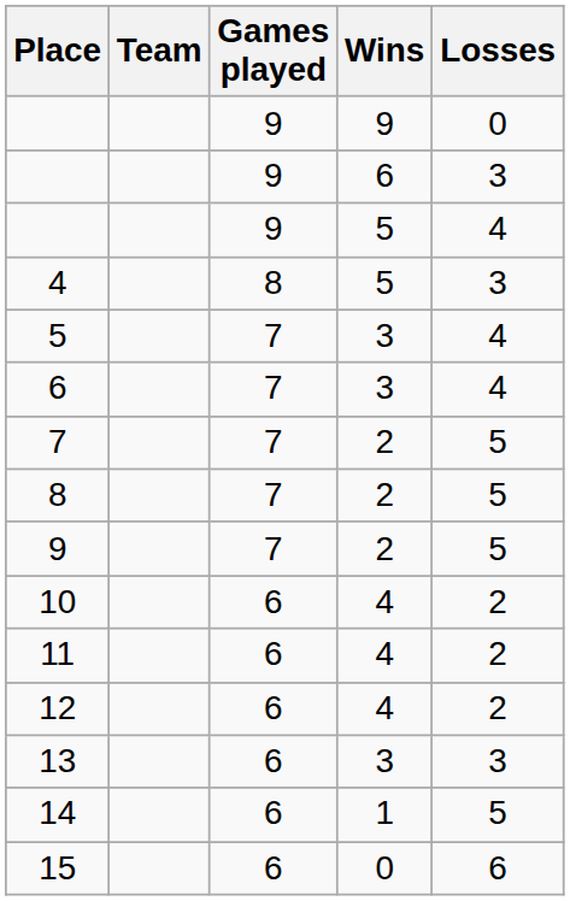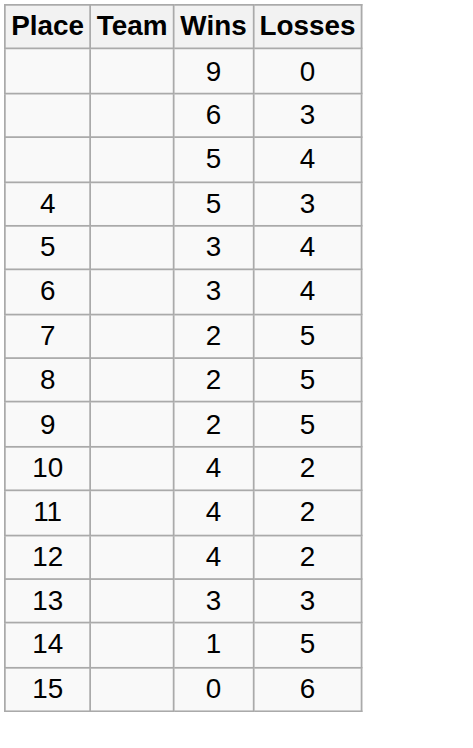 <table class="wikitable" style="text-align:center;">
 <tr>
 <th>Place</th>
 <th>Team</th>
-<th>Games<br>played</th>
 <th>Wins</th>
 <th>Losses</th>
 </tr>
 <tr>
 <td></td>
 <td align=left></td>
 <td>9</td>
-<td>9</td>
 <td>0</td>
 </tr>
 <tr>
 <td></td>
 <td align=left></td>
-<td>9</td>
 <td>6</td>
 <td>3</td>
 </tr>
 <tr>
 <td></td>
 <td align=left></td>
-<td>9</td>
 <td>5</td>
 <td>4</td>
 </tr>
 <tr>
 <td>4</td>
 <td align=left></td>
-<td>8</td>
 <td>5</td>
 <td>3</td>
 </tr>
 <tr>
 <td>5</td>
 <td align=left></td>
-<td>7</td>
 <td>3</td>
 <td>4</td>
 </tr>
 <tr>
 <td>6</td>
 <td align=left></td>
-<td>7</td>
 <td>3</td>
 <td>4</td>
 </tr>
 <tr>
 <td>7</td>
 <td align=left></td>
-<td>7</td>
 <td>2</td>
 <td>5</td>
 </tr>
 <tr>
 <td>8</td>
 <td align=left></td>
-<td>7</td>
 <td>2</td>
 <td>5</td>
 </tr>
 <tr>
 <td>9</td>
 <td align=left></td>
-<td>7</td>
 <td>2</td>
 <td>5</td>
 </tr>
 <tr>
 <td>10</td>
 <td align=left></td>
-<td>6</td>
 <td>4</td>
 <td>2</td>
 </tr>
 <tr>
 <td>11</td>
 <td align=left></td>
-<td>6</td>
 <td>4</td>
 <td>2</td>
 </tr>
 <tr>
 <td>12</td>
 <td align=left></td>
-<td>6</td>
 <td>4</td>
 <td>2</td>
 </tr>
 <tr>
 <td>13</td>
 <td align=left></td>
-<td>6</td>
 <td>3</td>
 <td>3</td>
 </tr>
 <tr>
 <td>14</td>
 <td align=left></td>
-<td>6</td>
 <td>1</td>
 <td>5</td>
 </tr>
 <tr>
 <td>15</td>
 <td align=left></td>
-<td>6</td>
 <td>0</td>
 <td>6</td>
 </tr>
 </table>
